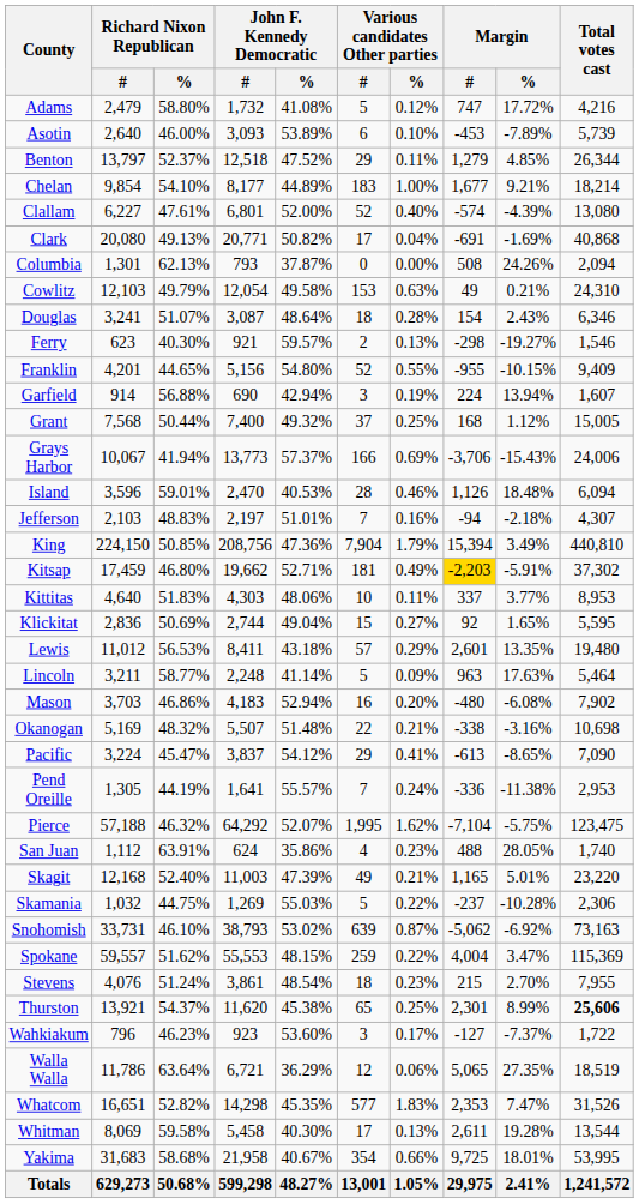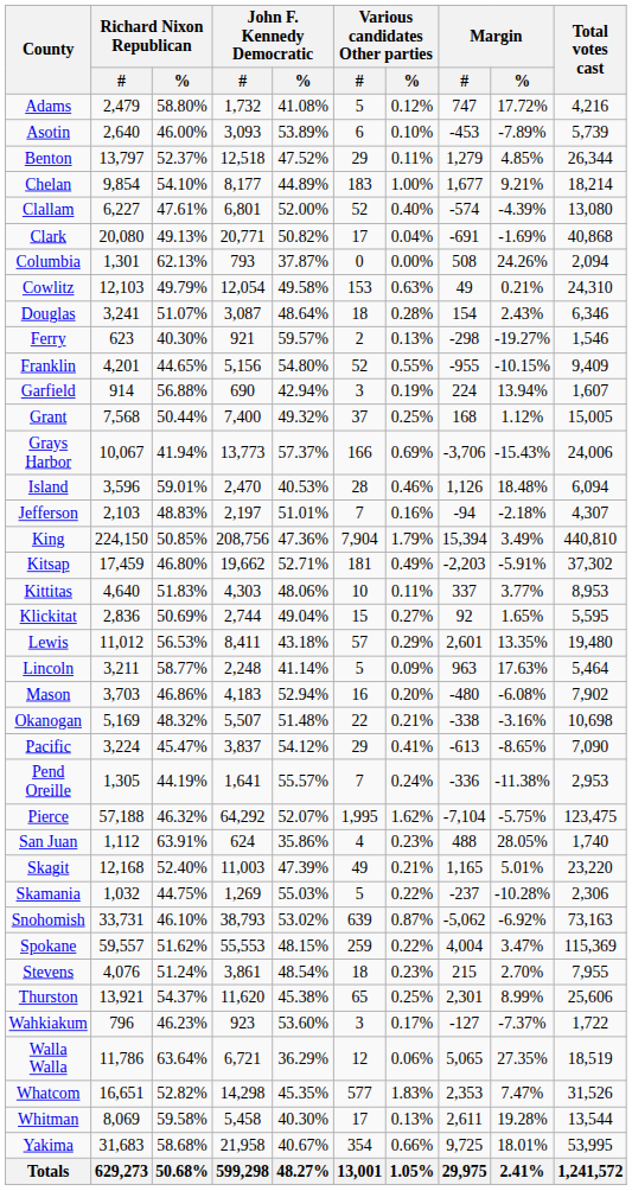 <table width="60%"  class="wikitable sortable" style="text-align:center">
 <tr>
 <th style="text-align:center;" rowspan="2">County</th>
 <th style="text-align:center;" colspan="2">Richard Nixon<br>Republican</th>
 <th style="text-align:center;" colspan="2">John F. Kennedy<br>Democratic</th>
 <th style="text-align:center;" colspan="2">Various candidates<br>Other parties</th>
 <th style="text-align:center;" colspan="2">Margin</th>
 <th style="text-align:center;" rowspan="2">Total votes cast</th>
 </tr>
 <tr>
 <th style="text-align:center;" data-sort-type="number">#</th>
 <th style="text-align:center;" data-sort-type="number">%</th>
 <th style="text-align:center;" data-sort-type="number">#</th>
 <th style="text-align:center;" data-sort-type="number">%</th>
 <th style="text-align:center;" data-sort-type="number">#</th>
 <th style="text-align:center;" data-sort-type="number">%</th>
 <th style="text-align:center;" data-sort-type="number">#</th>
 <th style="text-align:center;" data-sort-type="number">%</th>
 </tr>
 <tr style="text-align:center;">
 <td><a href='#'>Adams</a></td>
 <td>2,479</td>
 <td>58.80%</td>
 <td>1,732</td>
 <td>41.08%</td>
 <td>5</td>
 <td>0.12%</td>
 <td>747</td>
 <td>17.72%</td>
 <td>4,216</td>
 </tr>
 <tr style="text-align:center;">
 <td><a href='#'>Asotin</a></td>
 <td>2,640</td>
 <td>46.00%</td>
 <td>3,093</td>
 <td>53.89%</td>
 <td>6</td>
 <td>0.10%</td>
 <td>-453</td>
 <td>-7.89%</td>
 <td>5,739</td>
 </tr>
 <tr style="text-align:center;">
 <td><a href='#'>Benton</a></td>
 <td>13,797</td>
 <td>52.37%</td>
 <td>12,518</td>
 <td>47.52%</td>
 <td>29</td>
 <td>0.11%</td>
 <td>1,279</td>
 <td>4.85%</td>
 <td>26,344</td>
 </tr>
 <tr style="text-align:center;">
 <td><a href='#'>Chelan</a></td>
 <td>9,854</td>
 <td>54.10%</td>
 <td>8,177</td>
 <td>44.89%</td>
 <td>183</td>
 <td>1.00%</td>
 <td>1,677</td>
 <td>9.21%</td>
 <td>18,214</td>
 </tr>
 <tr style="text-align:center;">
 <td><a href='#'>Clallam</a></td>
 <td>6,227</td>
 <td>47.61%</td>
 <td>6,801</td>
 <td>52.00%</td>
 <td>52</td>
 <td>0.40%</td>
 <td>-574</td>
 <td>-4.39%</td>
 <td>13,080</td>
 </tr>
 <tr style="text-align:center;">
 <td><a href='#'>Clark</a></td>
 <td>20,080</td>
 <td>49.13%</td>
 <td>20,771</td>
 <td>50.82%</td>
 <td>17</td>
 <td>0.04%</td>
 <td>-691</td>
 <td>-1.69%</td>
 <td>40,868</td>
 </tr>
 <tr style="text-align:center;">
 <td><a href='#'>Columbia</a></td>
 <td>1,301</td>
 <td>62.13%</td>
 <td>793</td>
 <td>37.87%</td>
 <td>0</td>
 <td>0.00%</td>
 <td>508</td>
 <td>24.26%</td>
 <td>2,094</td>
 </tr>
 <tr style="text-align:center;">
 <td><a href='#'>Cowlitz</a></td>
 <td>12,103</td>
 <td>49.79%</td>
 <td>12,054</td>
 <td>49.58%</td>
 <td>153</td>
 <td>0.63%</td>
 <td>49</td>
 <td>0.21%</td>
 <td>24,310</td>
 </tr>
 <tr style="text-align:center;">
 <td><a href='#'>Douglas</a></td>
 <td>3,241</td>
 <td>51.07%</td>
 <td>3,087</td>
 <td>48.64%</td>
 <td>18</td>
 <td>0.28%</td>
 <td>154</td>
 <td>2.43%</td>
 <td>6,346</td>
 </tr>
 <tr style="text-align:center;">
 <td><a href='#'>Ferry</a></td>
 <td>623</td>
 <td>40.30%</td>
 <td>921</td>
 <td>59.57%</td>
 <td>2</td>
 <td>0.13%</td>
 <td>-298</td>
 <td>-19.27%</td>
 <td>1,546</td>
 </tr>
 <tr style="text-align:center;">
 <td><a href='#'>Franklin</a></td>
 <td>4,201</td>
 <td>44.65%</td>
 <td>5,156</td>
 <td>54.80%</td>
 <td>52</td>
 <td>0.55%</td>
 <td>-955</td>
 <td>-10.15%</td>
 <td>9,409</td>
 </tr>
 <tr style="text-align:center;">
 <td><a href='#'>Garfield</a></td>
 <td>914</td>
 <td>56.88%</td>
 <td>690</td>
 <td>42.94%</td>
 <td>3</td>
 <td>0.19%</td>
 <td>224</td>
 <td>13.94%</td>
 <td>1,607</td>
 </tr>
 <tr style="text-align:center;">
 <td><a href='#'>Grant</a></td>
 <td>7,568</td>
 <td>50.44%</td>
 <td>7,400</td>
 <td>49.32%</td>
 <td>37</td>
 <td>0.25%</td>
 <td>168</td>
 <td>1.12%</td>
 <td>15,005</td>
 </tr>
 <tr style="text-align:center;">
 <td><a href='#'>Grays Harbor</a></td>
 <td>10,067</td>
 <td>41.94%</td>
 <td>13,773</td>
 <td>57.37%</td>
 <td>166</td>
 <td>0.69%</td>
 <td>-3,706</td>
 <td>-15.43%</td>
 <td>24,006</td>
 </tr>
 <tr style="text-align:center;">
 <td><a href='#'>Island</a></td>
 <td>3,596</td>
 <td>59.01%</td>
 <td>2,470</td>
 <td>40.53%</td>
 <td>28</td>
 <td>0.46%</td>
 <td>1,126</td>
 <td>18.48%</td>
 <td>6,094</td>
 </tr>
 <tr style="text-align:center;">
 <td><a href='#'>Jefferson</a></td>
 <td>2,103</td>
 <td>48.83%</td>
 <td>2,197</td>
 <td>51.01%</td>
 <td>7</td>
 <td>0.16%</td>
 <td>-94</td>
 <td>-2.18%</td>
 <td>4,307</td>
 </tr>
 <tr style="text-align:center;">
 <td><a href='#'>King</a></td>
 <td>224,150</td>
 <td>50.85%</td>
 <td>208,756</td>
 <td>47.36%</td>
 <td>7,904</td>
 <td>1.79%</td>
 <td>15,394</td>
 <td>3.49%</td>
 <td>440,810</td>
 </tr>
 <tr style="text-align:center;">
 <td><a href='#'>Kitsap</a></td>
 <td>17,459</td>
 <td>46.80%</td>
 <td>19,662</td>
 <td>52.71%</td>
 <td>181</td>
 <td>0.49%</td>
-<td style="background: gold;">-2,203</td>
+<td>-2,203</td>
 <td>-5.91%</td>
 <td>37,302</td>
 </tr>
 <tr style="text-align:center;">
 <td><a href='#'>Kittitas</a></td>
 <td>4,640</td>
 <td>51.83%</td>
 <td>4,303</td>
 <td>48.06%</td>
 <td>10</td>
 <td>0.11%</td>
 <td>337</td>
 <td>3.77%</td>
 <td>8,953</td>
 </tr>
 <tr style="text-align:center;">
 <td><a href='#'>Klickitat</a></td>
 <td>2,836</td>
 <td>50.69%</td>
 <td>2,744</td>
 <td>49.04%</td>
 <td>15</td>
 <td>0.27%</td>
 <td>92</td>
 <td>1.65%</td>
 <td>5,595</td>
 </tr>
 <tr style="text-align:center;">
 <td><a href='#'>Lewis</a></td>
 <td>11,012</td>
 <td>56.53%</td>
 <td>8,411</td>
 <td>43.18%</td>
 <td>57</td>
 <td>0.29%</td>
 <td>2,601</td>
 <td>13.35%</td>
 <td>19,480</td>
 </tr>
 <tr style="text-align:center;">
 <td><a href='#'>Lincoln</a></td>
 <td>3,211</td>
 <td>58.77%</td>
 <td>2,248</td>
 <td>41.14%</td>
 <td>5</td>
 <td>0.09%</td>
 <td>963</td>
 <td>17.63%</td>
 <td>5,464</td>
 </tr>
 <tr style="text-align:center;">
 <td><a href='#'>Mason</a></td>
 <td>3,703</td>
 <td>46.86%</td>
 <td>4,183</td>
 <td>52.94%</td>
 <td>16</td>
 <td>0.20%</td>
 <td>-480</td>
 <td>-6.08%</td>
 <td>7,902</td>
 </tr>
 <tr style="text-align:center;">
 <td><a href='#'>Okanogan</a></td>
 <td>5,169</td>
 <td>48.32%</td>
 <td>5,507</td>
 <td>51.48%</td>
 <td>22</td>
 <td>0.21%</td>
 <td>-338</td>
 <td>-3.16%</td>
 <td>10,698</td>
 </tr>
 <tr style="text-align:center;">
 <td><a href='#'>Pacific</a></td>
 <td>3,224</td>
 <td>45.47%</td>
 <td>3,837</td>
 <td>54.12%</td>
 <td>29</td>
 <td>0.41%</td>
 <td>-613</td>
 <td>-8.65%</td>
 <td>7,090</td>
 </tr>
 <tr style="text-align:center;">
 <td><a href='#'>Pend Oreille</a></td>
 <td>1,305</td>
 <td>44.19%</td>
 <td>1,641</td>
 <td>55.57%</td>
 <td>7</td>
 <td>0.24%</td>
 <td>-336</td>
 <td>-11.38%</td>
 <td>2,953</td>
 </tr>
 <tr style="text-align:center;">
 <td><a href='#'>Pierce</a></td>
 <td>57,188</td>
 <td>46.32%</td>
 <td>64,292</td>
 <td>52.07%</td>
 <td>1,995</td>
 <td>1.62%</td>
 <td>-7,104</td>
 <td>-5.75%</td>
 <td>123,475</td>
 </tr>
 <tr style="text-align:center;">
 <td><a href='#'>San Juan</a></td>
 <td>1,112</td>
 <td>63.91%</td>
 <td>624</td>
 <td>35.86%</td>
 <td>4</td>
 <td>0.23%</td>
 <td>488</td>
 <td>28.05%</td>
 <td>1,740</td>
 </tr>
 <tr style="text-align:center;">
 <td><a href='#'>Skagit</a></td>
 <td>12,168</td>
 <td>52.40%</td>
 <td>11,003</td>
 <td>47.39%</td>
 <td>49</td>
 <td>0.21%</td>
 <td>1,165</td>
 <td>5.01%</td>
 <td>23,220</td>
 </tr>
 <tr style="text-align:center;">
 <td><a href='#'>Skamania</a></td>
 <td>1,032</td>
 <td>44.75%</td>
 <td>1,269</td>
 <td>55.03%</td>
 <td>5</td>
 <td>0.22%</td>
 <td>-237</td>
 <td>-10.28%</td>
 <td>2,306</td>
 </tr>
 <tr style="text-align:center;">
 <td><a href='#'>Snohomish</a></td>
 <td>33,731</td>
 <td>46.10%</td>
 <td>38,793</td>
 <td>53.02%</td>
 <td>639</td>
 <td>0.87%</td>
 <td>-5,062</td>
 <td>-6.92%</td>
 <td>73,163</td>
 </tr>
 <tr style="text-align:center;">
 <td><a href='#'>Spokane</a></td>
 <td>59,557</td>
 <td>51.62%</td>
 <td>55,553</td>
 <td>48.15%</td>
 <td>259</td>
 <td>0.22%</td>
 <td>4,004</td>
 <td>3.47%</td>
 <td>115,369</td>
 </tr>
 <tr style="text-align:center;">
 <td><a href='#'>Stevens</a></td>
 <td>4,076</td>
 <td>51.24%</td>
 <td>3,861</td>
 <td>48.54%</td>
 <td>18</td>
 <td>0.23%</td>
 <td>215</td>
 <td>2.70%</td>
 <td>7,955</td>
 </tr>
 <tr style="text-align:center;">
 <td><a href='#'>Thurston</a></td>
 <td>13,921</td>
 <td>54.37%</td>
 <td>11,620</td>
 <td>45.38%</td>
 <td>65</td>
 <td>0.25%</td>
 <td>2,301</td>
 <td>8.99%</td>
-<td><strong>25,606</strong></td>
+<td>25,606</td>
 </tr>
 <tr style="text-align:center;">
 <td><a href='#'>Wahkiakum</a></td>
 <td>796</td>
 <td>46.23%</td>
 <td>923</td>
 <td>53.60%</td>
 <td>3</td>
 <td>0.17%</td>
 <td>-127</td>
 <td>-7.37%</td>
 <td>1,722</td>
 </tr>
 <tr style="text-align:center;">
 <td><a href='#'>Walla Walla</a></td>
 <td>11,786</td>
 <td>63.64%</td>
 <td>6,721</td>
 <td>36.29%</td>
 <td>12</td>
 <td>0.06%</td>
 <td>5,065</td>
 <td>27.35%</td>
 <td>18,519</td>
 </tr>
 <tr style="text-align:center;">
 <td><a href='#'>Whatcom</a></td>
 <td>16,651</td>
 <td>52.82%</td>
 <td>14,298</td>
 <td>45.35%</td>
 <td>577</td>
 <td>1.83%</td>
 <td>2,353</td>
 <td>7.47%</td>
 <td>31,526</td>
 </tr>
 <tr style="text-align:center;">
 <td><a href='#'>Whitman</a></td>
 <td>8,069</td>
 <td>59.58%</td>
 <td>5,458</td>
 <td>40.30%</td>
 <td>17</td>
 <td>0.13%</td>
 <td>2,611</td>
 <td>19.28%</td>
 <td>13,544</td>
 </tr>
 <tr style="text-align:center;">
 <td><a href='#'>Yakima</a></td>
 <td>31,683</td>
 <td>58.68%</td>
 <td>21,958</td>
 <td>40.67%</td>
 <td>354</td>
 <td>0.66%</td>
 <td>9,725</td>
 <td>18.01%</td>
 <td>53,995</td>
 </tr>
 <tr style="text-align:center;">
 <th>Totals</th>
 <th>629,273</th>
 <th>50.68%</th>
 <th>599,298</th>
 <th>48.27%</th>
 <th>13,001</th>
 <th>1.05%</th>
 <th>29,975</th>
 <th>2.41%</th>
 <th>1,241,572</th>
 </tr>
 </table>
